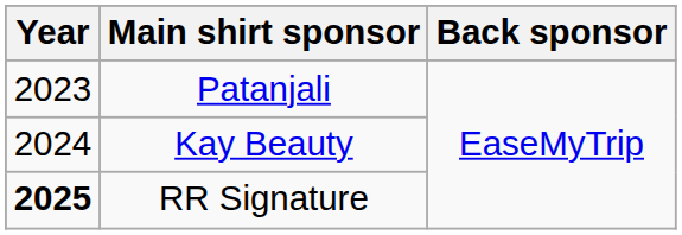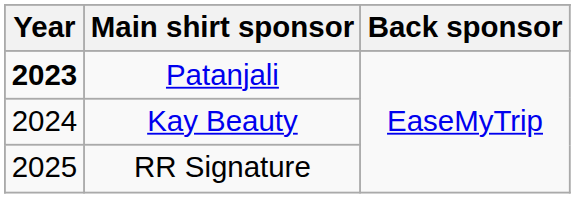 <table class="wikitable" style="text-align: center;">
 <tr>
 <th>Year</th>
 <th>Main shirt sponsor</th>
 <th>Back sponsor</th>
 </tr>
 <tr>
-<td>2023</td>
+<td><strong>2023</strong></td>
 <td><a href='#'>Patanjali</a></td>
 <td rowspan=3><a href='#'>EaseMyTrip</a></td>
 </tr>
 <tr>
 <td>2024</td>
 <td><a href='#'>Kay Beauty</a></td>
 </tr>
 <tr>
-<td><strong>2025</strong></td>
+<td>2025</td>
 <td>RR Signature</td>
 </tr>
 </table>
